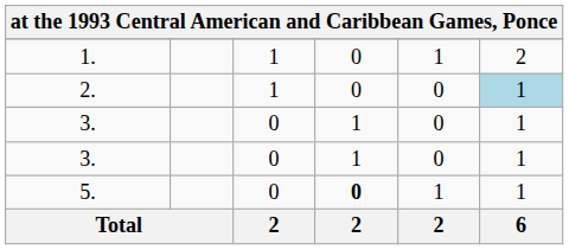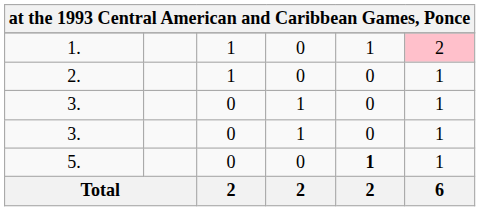 <table class="wikitable" style="text-align:center;">
 <tr bgcolor="#efefef">
 <th colspan=6 style="border-right:0px;";> at the 1993 Central American and Caribbean Games, Ponce</th>
 </tr>
 <tr>
 </tr>
 <tr>
 <td>1.</td>
 <td align=left></td>
 <td>1</td>
 <td>0</td>
 <td>1</td>
-<td>2</td>
+<td style="background: pink;">2</td>
 </tr>
 <tr>
 <td>2.</td>
 <td align=left></td>
 <td>1</td>
 <td>0</td>
 <td>0</td>
-<td style="background: lightblue;">1</td>
+<td>1</td>
 </tr>
 <tr>
 <td>3.</td>
 <td align=left></td>
 <td>0</td>
 <td>1</td>
 <td>0</td>
 <td>1</td>
 </tr>
 <tr>
 <td>3.</td>
 <td align=left></td>
 <td>0</td>
 <td>1</td>
 <td>0</td>
 <td>1</td>
 </tr>
 <tr>
 <td>5.</td>
 <td align=left></td>
 <td>0</td>
-<td><strong>0</strong></td>
-<td>1</td>
+<td>0</td>
+<td><strong>1</strong></td>
 <td>1</td>
 </tr>
 <tr>
 <th colspan=2>Total</th>
 <th><strong>2</strong></th>
 <th><strong>2</strong></th>
 <th><strong>2</strong></th>
 <th><strong>6</strong></th>
 </tr>
 </table>
